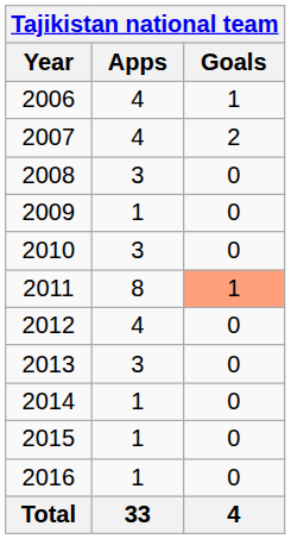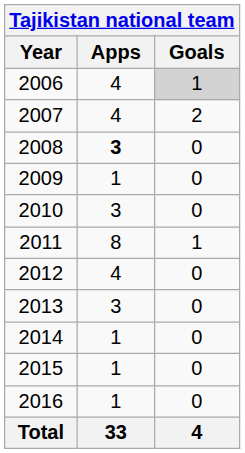 <table class="wikitable" style="text-align:center">
 <tr>
 <th colspan=3><a href='#'>Tajikistan national team</a></th>
 </tr>
 <tr>
 <th>Year</th>
 <th>Apps</th>
 <th>Goals</th>
 </tr>
 <tr>
 <td>2006</td>
 <td>4</td>
-<td>1</td>
+<td style="background: lightgrey;">1</td>
 </tr>
 <tr>
 <td>2007</td>
 <td>4</td>
 <td>2</td>
 </tr>
 <tr>
 <td>2008</td>
-<td>3</td>
+<td><strong>3</strong></td>
 <td>0</td>
 </tr>
 <tr>
 <td>2009</td>
 <td>1</td>
 <td>0</td>
 </tr>
 <tr>
 <td>2010</td>
 <td>3</td>
 <td>0</td>
 </tr>
 <tr>
 <td>2011</td>
 <td>8</td>
-<td style="background: lightsalmon;">1</td>
+<td>1</td>
 </tr>
 <tr>
 <td>2012</td>
 <td>4</td>
 <td>0</td>
 </tr>
 <tr>
 <td>2013</td>
 <td>3</td>
 <td>0</td>
 </tr>
 <tr>
 <td>2014</td>
 <td>1</td>
 <td>0</td>
 </tr>
 <tr>
 <td>2015</td>
 <td>1</td>
 <td>0</td>
 </tr>
 <tr>
 <td>2016</td>
 <td>1</td>
 <td>0</td>
 </tr>
 <tr>
 <th>Total</th>
 <th>33</th>
 <th>4</th>
 </tr>
 </table>
